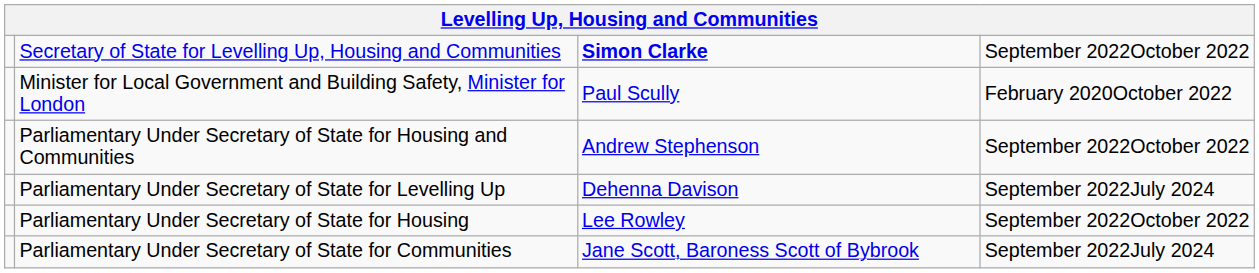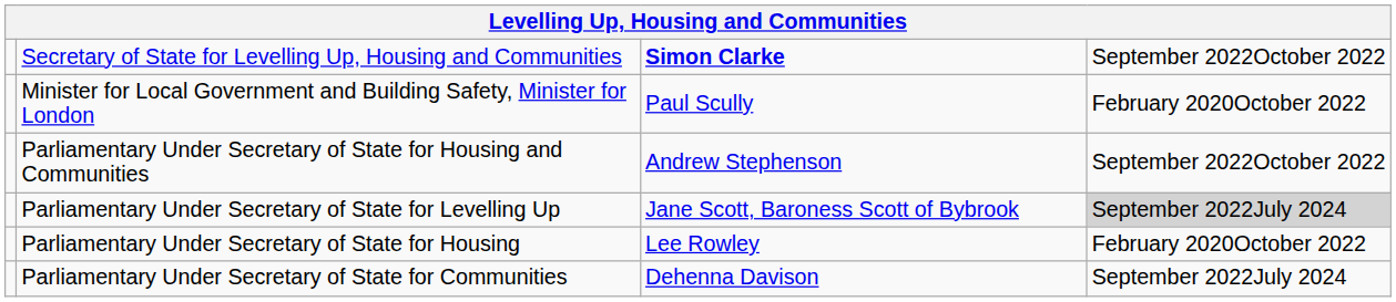 <table class="wikitable">
 <tr>
 <th colspan="4"><a href='#'>Levelling Up, Housing and Communities</a></th>
 </tr>
 <tr>
 <td style="width: 1px; background: "></td>
 <td style="width: 450px;"><a href='#'>Secretary of State for Levelling Up, Housing and Communities</a></td>
 <td style="width: 320px;"><strong><a href='#'>Simon Clarke</a></strong></td>
 <td>September 2022October 2022</td>
 </tr>
 <tr>
 <td rowspan="1" style="width: 1px; background: "></td>
 <td>Minister for Local Government and Building Safety, <a href='#'>Minister for London</a></td>
 <td><a href='#'>Paul Scully</a></td>
 <td>February 2020October 2022</td>
 </tr>
 <tr>
 <td rowspan="1" style="width: 1px; background: "></td>
 <td>Parliamentary Under Secretary of State for Housing and Communities</td>
 <td><a href='#'>Andrew Stephenson</a></td>
 <td>September 2022October 2022</td>
 </tr>
 <tr>
 <td rowspan="1" style="width: 1px; background: "></td>
 <td>Parliamentary Under Secretary of State for Levelling Up</td>
-<td><a href='#'>Dehenna Davison</a></td>
-<td>September 2022July 2024</td>
+<td><a href='#'>Jane Scott, Baroness Scott of Bybrook</a></td>
+<td style="background: lightgrey;">September 2022July 2024</td>
 </tr>
 <tr>
 <td rowspan="1" style="width: 1px; background: "></td>
 <td>Parliamentary Under Secretary of State for Housing</td>
 <td><a href='#'>Lee Rowley</a></td>
-<td>September 2022October 2022</td>
+<td>February 2020October 2022</td>
 </tr>
 <tr>
 <td style="width: 1px; background: "></td>
 <td rowspan="1">Parliamentary Under Secretary of State for Communities</td>
-<td><a href='#'>Jane Scott, Baroness Scott of Bybrook</a></td>
+<td><a href='#'>Dehenna Davison</a></td>
 <td>September 2022July 2024</td>
 </tr>
 </table>
